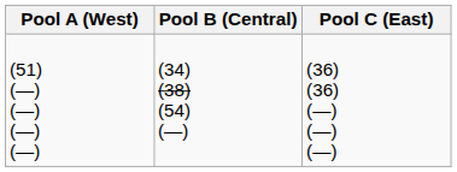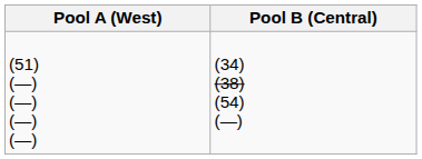 <table class="wikitable">
 <tr>
 <th width=33%>Pool A (West)</th>
 <th width=33%>Pool B (Central)</th>
-<th width=33%>Pool C (East)</th>
 </tr>
 <tr>
 <td valign=top><br> (51)<br>  (—)<br>  (—)<br>  (—)<br>  (—)</td>
 <td valign=top><br> (34)<br> <s> (38)</s><br>  (54)<br>  (—)</td>
-<td><br> (36)<br>  (36)<br>  (—)<br>  (—)<br>  (—)</td>
 </tr>
 </table>
